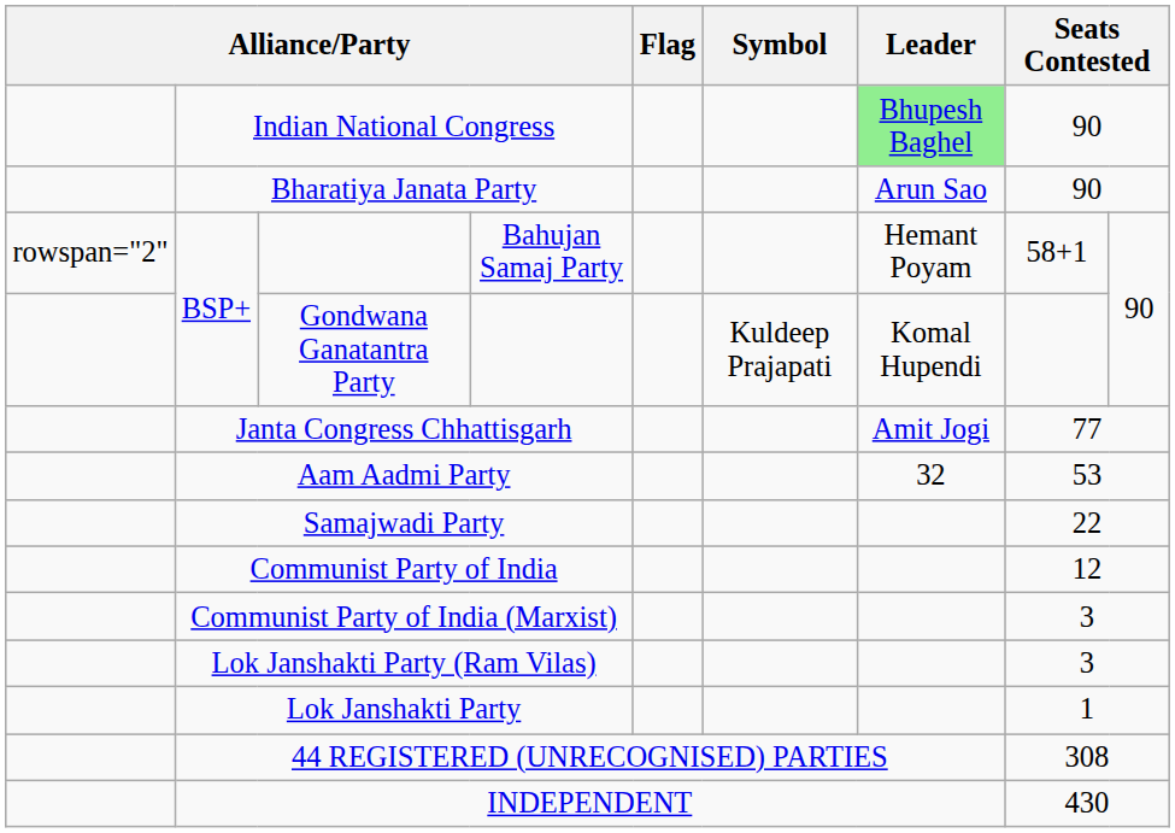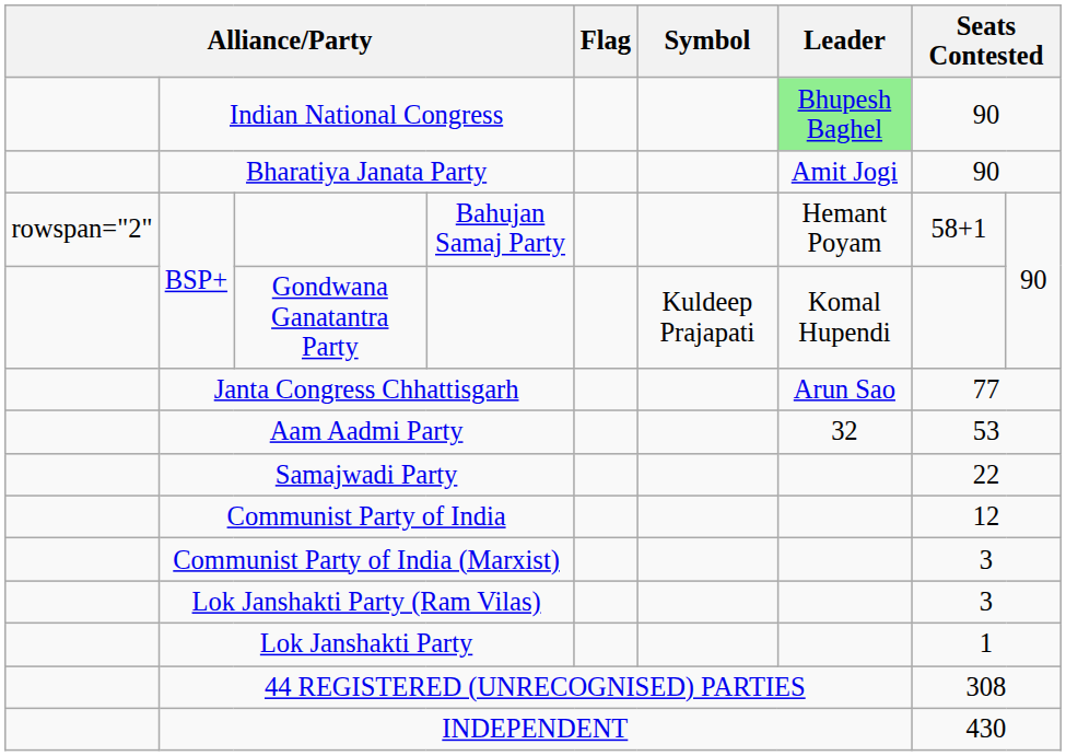 <table class="wikitable" width="50%" style="text-align:center;">
 <tr>
 <th colspan="4">Alliance/Party</th>
 <th>Flag</th>
 <th>Symbol</th>
 <th>Leader</th>
 <th colspan="2">Seats Contested</th>
 </tr>
 <tr>
 <td></td>
 <td colspan="3"><a href='#'>Indian National Congress</a></td>
 <td></td>
 <td></td>
 <td style="background: lightgreen;"><a href='#'>Bhupesh Baghel</a></td>
 <td colspan="2">90</td>
 </tr>
 <tr>
 <td></td>
 <td colspan="3"><a href='#'>Bharatiya Janata Party</a></td>
 <td></td>
 <td></td>
-<td><a href='#'>Arun Sao</a></td>
+<td><a href='#'>Amit Jogi</a></td>
 <td colspan="2">90</td>
 </tr>
 <tr>
 <td>rowspan="2" </td>
 <td rowspan="2"><a href='#'>BSP+</a></td>
 <td></td>
 <td><a href='#'>Bahujan Samaj Party</a></td>
 <td></td>
 <td></td>
 <td>Hemant Poyam</td>
 <td>58+1</td>
 <td rowspan="2">90</td>
 </tr>
 <tr>
 <td></td>
 <td><a href='#'>Gondwana Ganatantra Party</a></td>
 <td></td>
 <td></td>
 <td>Kuldeep Prajapati</td>
 <td>Komal Hupendi</td>
 </tr>
 <tr>
 <td></td>
 <td colspan="3"><a href='#'>Janta Congress Chhattisgarh</a></td>
 <td></td>
 <td></td>
-<td><a href='#'>Amit Jogi</a></td>
+<td><a href='#'>Arun Sao</a></td>
 <td colspan="2">77</td>
 </tr>
 <tr>
 <td></td>
 <td colspan="3"><a href='#'>Aam Aadmi Party</a></td>
 <td></td>
 <td></td>
 <td>32</td>
 <td colspan="2">53</td>
 </tr>
 <tr>
 <td></td>
 <td colspan="3"><a href='#'>Samajwadi Party</a></td>
 <td></td>
 <td></td>
 <td></td>
 <td colspan="2">22</td>
 </tr>
 <tr>
 <td></td>
 <td colspan="3"><a href='#'>Communist Party of India</a></td>
 <td></td>
 <td></td>
 <td></td>
 <td colspan="2">12</td>
 </tr>
 <tr>
 <td></td>
 <td colspan="3"><a href='#'>Communist Party of India (Marxist)</a></td>
 <td></td>
 <td></td>
 <td></td>
 <td colspan="2">3</td>
 </tr>
 <tr>
 <td></td>
 <td colspan="3"><a href='#'>Lok Janshakti Party (Ram Vilas)</a></td>
 <td></td>
 <td></td>
 <td></td>
 <td colspan="2">3</td>
 </tr>
 <tr>
 <td></td>
 <td colspan="3"><a href='#'>Lok Janshakti Party</a></td>
 <td></td>
 <td></td>
 <td></td>
 <td colspan="2">1</td>
 </tr>
 <tr>
 <td></td>
 <td colspan="6"><a href='#'>44 REGISTERED (UNRECOGNISED) PARTIES</a></td>
 <td colspan="2">308</td>
 </tr>
 <tr>
 <td></td>
 <td colspan="6"><a href='#'>INDEPENDENT</a></td>
 <td colspan="2">430</td>
 </tr>
 </table>
